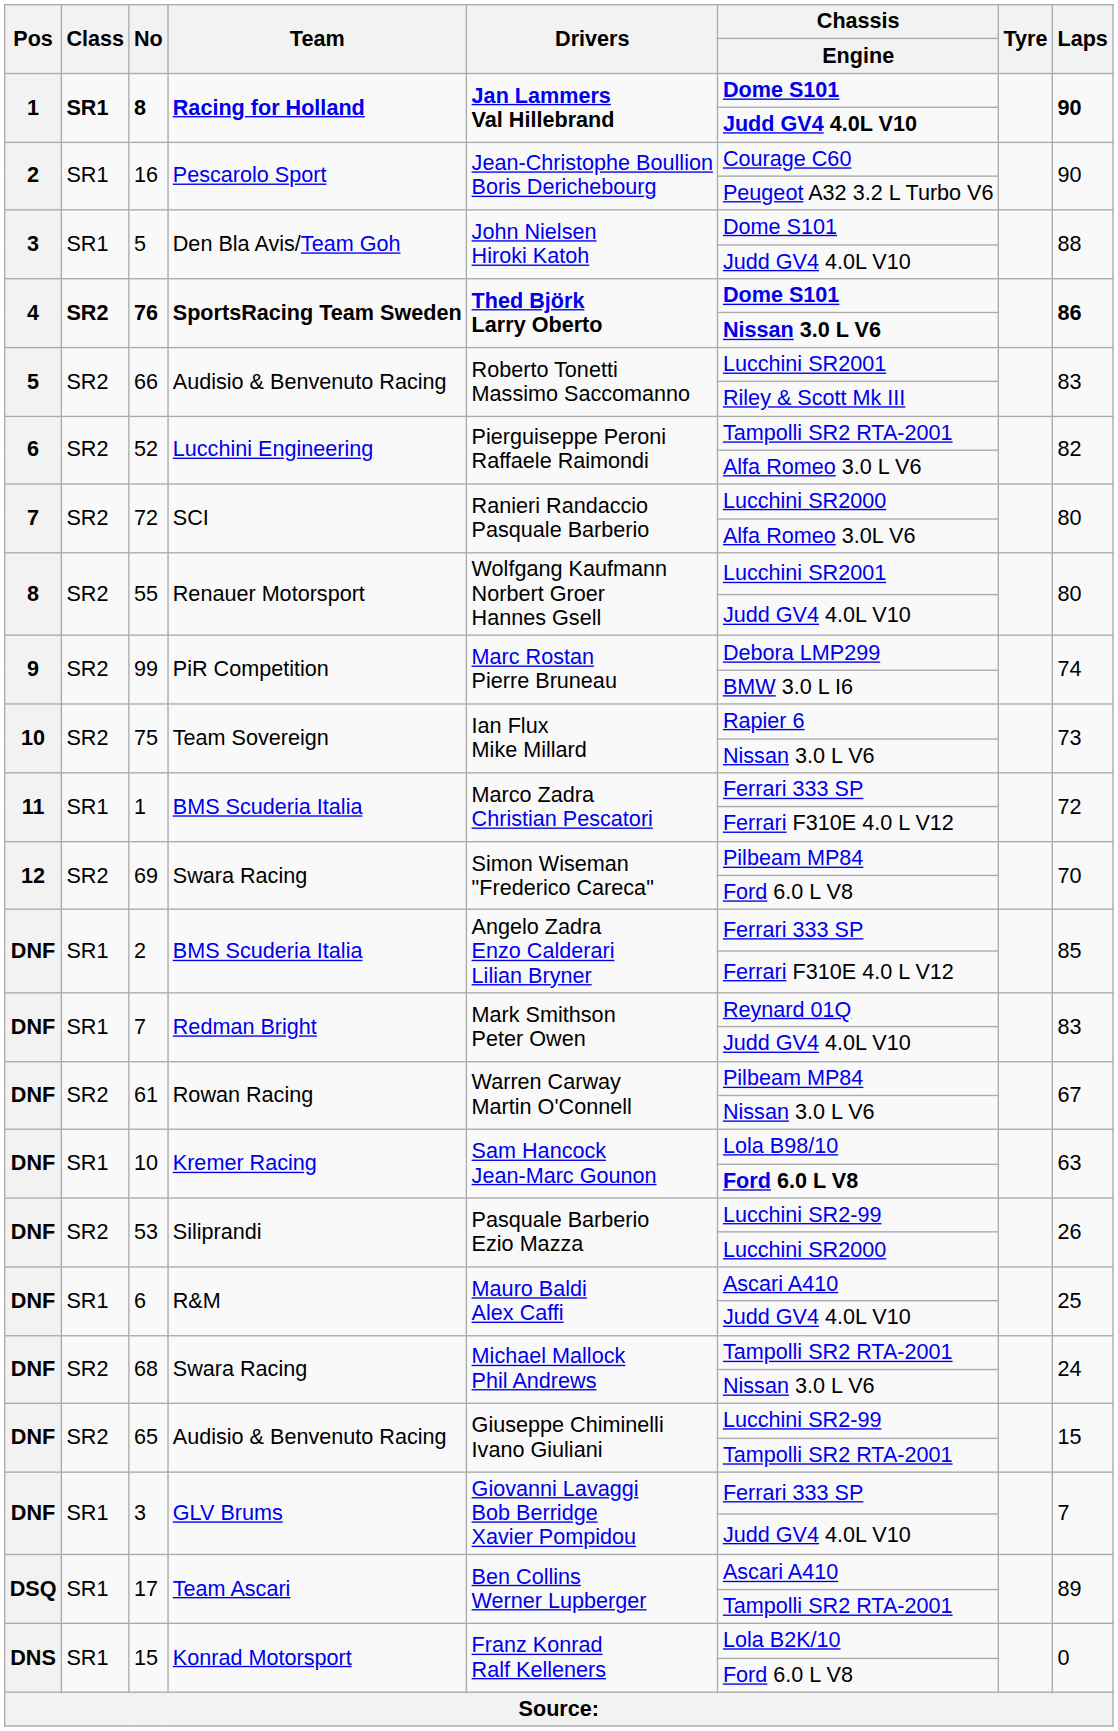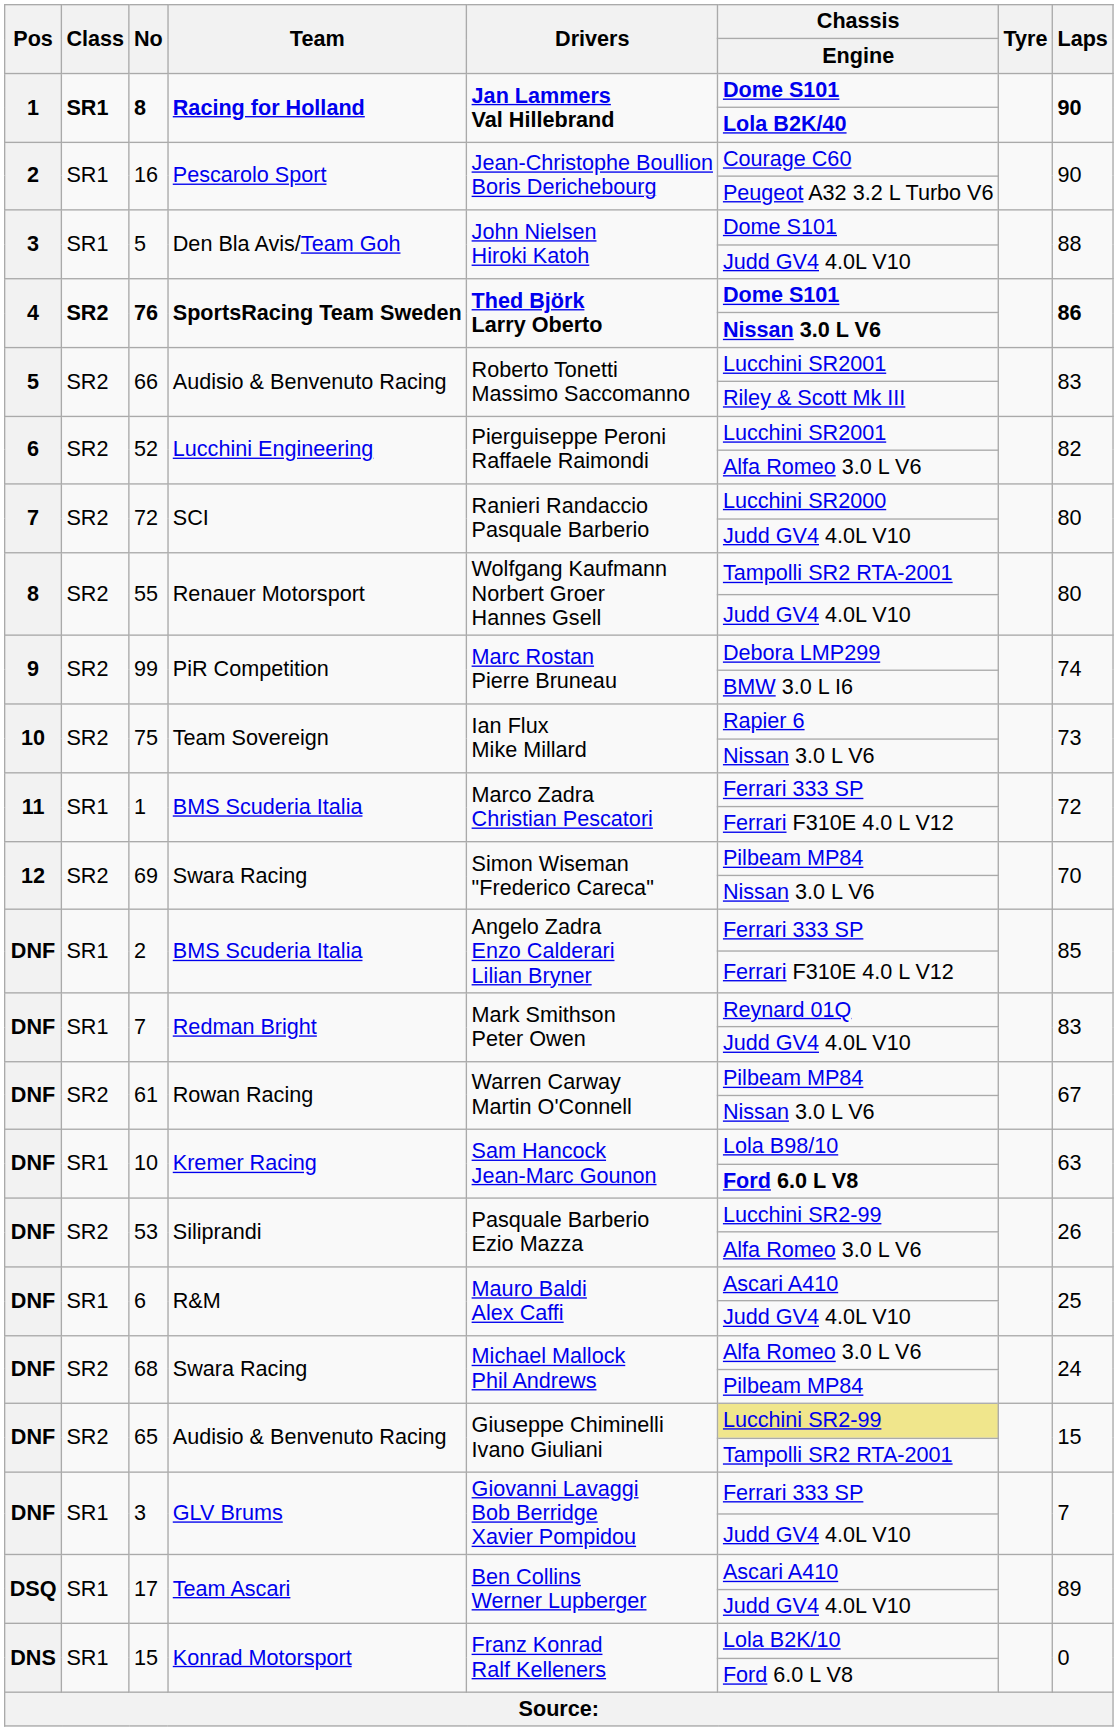 <table class="wikitable">
 <tr>
 <th rowspan="2">Pos</th>
 <th rowspan="2">Class</th>
 <th rowspan="2">No</th>
 <th rowspan="2">Team</th>
 <th rowspan="2">Drivers</th>
 <th>Chassis</th>
 <th rowspan="2">Tyre</th>
 <th rowspan="2">Laps</th>
 </tr>
 <tr>
 <th>Engine</th>
 </tr>
 <tr>
 <th rowspan="2">1</th>
 <td rowspan="2"><strong>SR1</strong></td>
 <td rowspan="2"><strong>8</strong></td>
 <td rowspan="2"><strong> <a href='#'>Racing for Holland</a></strong></td>
 <td rowspan="2"><strong> <a href='#'>Jan Lammers</a><br> Val Hillebrand</strong></td>
 <td><strong><a href='#'>Dome S101</a></strong></td>
 <td rowspan="2"></td>
 <td rowspan="2"><strong>90</strong></td>
 </tr>
 <tr>
-<td><strong><a href='#'>Judd GV4</a> 4.0L V10</strong></td>
+<td><strong><a href='#'>Lola B2K/40</a></strong></td>
 </tr>
 <tr>
 <th rowspan="2">2</th>
 <td rowspan="2">SR1</td>
 <td rowspan="2">16</td>
 <td rowspan="2"> <a href='#'>Pescarolo Sport</a></td>
 <td rowspan="2"> <a href='#'>Jean-Christophe Boullion</a><br> <a href='#'>Boris Derichebourg</a></td>
 <td><a href='#'>Courage C60</a></td>
 <td rowspan="2"></td>
 <td rowspan="2">90</td>
 </tr>
 <tr>
 <td><a href='#'>Peugeot</a> A32 3.2 L Turbo V6</td>
 </tr>
 <tr>
 <th rowspan="2">3</th>
 <td rowspan="2">SR1</td>
 <td rowspan="2">5</td>
 <td rowspan="2"> Den Bla Avis/<a href='#'>Team Goh</a></td>
 <td rowspan="2"> <a href='#'>John Nielsen</a><br> <a href='#'>Hiroki Katoh</a></td>
 <td><a href='#'>Dome S101</a></td>
 <td rowspan="2"></td>
 <td rowspan="2">88</td>
 </tr>
 <tr>
 <td><a href='#'>Judd GV4</a> 4.0L V10</td>
 </tr>
 <tr>
 <th rowspan="2">4</th>
 <td rowspan="2"><strong>SR2</strong></td>
 <td rowspan="2"><strong>76</strong></td>
 <td rowspan="2"><strong> SportsRacing Team Sweden</strong></td>
 <td rowspan="2"><strong> <a href='#'>Thed Björk</a><br> Larry Oberto</strong></td>
 <td><strong><a href='#'>Dome S101</a></strong></td>
 <td rowspan="2"></td>
 <td rowspan="2"><strong>86</strong></td>
 </tr>
 <tr>
 <td><strong><a href='#'>Nissan</a> 3.0 L V6</strong></td>
 </tr>
 <tr>
 <th rowspan="2">5</th>
 <td rowspan="2">SR2</td>
 <td rowspan="2">66</td>
 <td rowspan="2"> Audisio & Benvenuto Racing</td>
 <td rowspan="2"> Roberto Tonetti<br> Massimo Saccomanno</td>
 <td><a href='#'>Lucchini SR2001</a></td>
 <td rowspan="2"></td>
 <td rowspan="2">83</td>
 </tr>
 <tr>
 <td><a href='#'>Riley & Scott Mk III</a></td>
 </tr>
 <tr>
 <th rowspan="2">6</th>
 <td rowspan="2">SR2</td>
 <td rowspan="2">52</td>
 <td rowspan="2"> <a href='#'>Lucchini Engineering</a></td>
 <td rowspan="2"> Pierguiseppe Peroni<br> Raffaele Raimondi</td>
-<td><a href='#'>Tampolli SR2 RTA-2001</a></td>
+<td><a href='#'>Lucchini SR2001</a></td>
 <td rowspan="2"></td>
 <td rowspan="2">82</td>
 </tr>
 <tr>
 <td><a href='#'>Alfa Romeo</a> 3.0 L V6</td>
 </tr>
 <tr>
 <th rowspan="2">7</th>
 <td rowspan="2">SR2</td>
 <td rowspan="2">72</td>
 <td rowspan="2"> SCI</td>
 <td rowspan="2"> Ranieri Randaccio<br> Pasquale Barberio</td>
 <td><a href='#'>Lucchini SR2000</a></td>
 <td rowspan="2"></td>
 <td rowspan="2">80</td>
 </tr>
 <tr>
-<td><a href='#'>Alfa Romeo</a> 3.0L V6</td>
+<td><a href='#'>Judd GV4</a> 4.0L V10</td>
 </tr>
 <tr>
 <th rowspan="2">8</th>
 <td rowspan="2">SR2</td>
 <td rowspan="2">55</td>
 <td rowspan="2"> Renauer Motorsport</td>
 <td rowspan="2"> Wolfgang Kaufmann<br> Norbert Groer<br> Hannes Gsell</td>
-<td><a href='#'>Lucchini SR2001</a></td>
+<td><a href='#'>Tampolli SR2 RTA-2001</a></td>
 <td rowspan="2"></td>
 <td rowspan="2">80</td>
 </tr>
 <tr>
 <td><a href='#'>Judd GV4</a> 4.0L V10</td>
 </tr>
 <tr>
 <th rowspan="2">9</th>
 <td rowspan="2">SR2</td>
 <td rowspan="2">99</td>
 <td rowspan="2"> PiR Competition</td>
 <td rowspan="2"> <a href='#'>Marc Rostan</a><br> Pierre Bruneau</td>
 <td><a href='#'>Debora LMP299</a></td>
 <td rowspan="2"></td>
 <td rowspan="2">74</td>
 </tr>
 <tr>
 <td><a href='#'>BMW</a> 3.0 L I6</td>
 </tr>
 <tr>
 <th rowspan="2">10</th>
 <td rowspan="2">SR2</td>
 <td rowspan="2">75</td>
 <td rowspan="2"> Team Sovereign</td>
 <td rowspan="2"> Ian Flux<br> Mike Millard</td>
 <td><a href='#'>Rapier 6</a></td>
 <td rowspan="2"></td>
 <td rowspan="2">73</td>
 </tr>
 <tr>
 <td><a href='#'>Nissan</a> 3.0 L V6</td>
 </tr>
 <tr>
 <th rowspan="2">11</th>
 <td rowspan="2">SR1</td>
 <td rowspan="2">1</td>
 <td rowspan="2"> <a href='#'>BMS Scuderia Italia</a></td>
 <td rowspan="2"> Marco Zadra<br> <a href='#'>Christian Pescatori</a></td>
 <td><a href='#'>Ferrari 333 SP</a></td>
 <td rowspan="2"></td>
 <td rowspan="2">72</td>
 </tr>
 <tr>
 <td><a href='#'>Ferrari</a> F310E 4.0 L V12</td>
 </tr>
 <tr>
 <th rowspan="2">12</th>
 <td rowspan="2">SR2</td>
 <td rowspan="2">69</td>
 <td rowspan="2"> Swara Racing</td>
 <td rowspan="2"> Simon Wiseman<br> "Frederico Careca"</td>
 <td><a href='#'>Pilbeam MP84</a></td>
 <td rowspan="2"></td>
 <td rowspan="2">70</td>
 </tr>
 <tr>
-<td><a href='#'>Ford</a> 6.0 L V8</td>
+<td><a href='#'>Nissan</a> 3.0 L V6</td>
 </tr>
 <tr>
 <th rowspan="2">DNF</th>
 <td rowspan="2">SR1</td>
 <td rowspan="2">2</td>
 <td rowspan="2"> <a href='#'>BMS Scuderia Italia</a></td>
 <td rowspan="2"> Angelo Zadra<br> <a href='#'>Enzo Calderari</a><br> <a href='#'>Lilian Bryner</a></td>
 <td><a href='#'>Ferrari 333 SP</a></td>
 <td rowspan="2"></td>
 <td rowspan="2">85</td>
 </tr>
 <tr>
 <td><a href='#'>Ferrari</a> F310E 4.0 L V12</td>
 </tr>
 <tr>
 <th rowspan="2">DNF</th>
 <td rowspan="2">SR1</td>
 <td rowspan="2">7</td>
 <td rowspan="2"> <a href='#'>Redman Bright</a></td>
 <td rowspan="2"> Mark Smithson<br> Peter Owen</td>
 <td><a href='#'>Reynard 01Q</a></td>
 <td rowspan="2"></td>
 <td rowspan="2">83</td>
 </tr>
 <tr>
 <td><a href='#'>Judd GV4</a> 4.0L V10</td>
 </tr>
 <tr>
 <th rowspan="2">DNF</th>
 <td rowspan="2">SR2</td>
 <td rowspan="2">61</td>
 <td rowspan="2"> Rowan Racing</td>
 <td rowspan="2"> Warren Carway<br> Martin O'Connell</td>
 <td><a href='#'>Pilbeam MP84</a></td>
 <td rowspan="2"></td>
 <td rowspan="2">67</td>
 </tr>
 <tr>
 <td><a href='#'>Nissan</a> 3.0 L V6</td>
 </tr>
 <tr>
 <th rowspan="2">DNF</th>
 <td rowspan="2">SR1</td>
 <td rowspan="2">10</td>
 <td rowspan="2"> <a href='#'>Kremer Racing</a></td>
 <td rowspan="2"> <a href='#'>Sam Hancock</a><br> <a href='#'>Jean-Marc Gounon</a></td>
 <td><a href='#'>Lola B98/10</a></td>
 <td rowspan="2"></td>
 <td rowspan="2">63</td>
 </tr>
 <tr>
 <td><strong><a href='#'>Ford</a> 6.0 L V8</strong></td>
 </tr>
 <tr>
 <th rowspan="2">DNF</th>
 <td rowspan="2">SR2</td>
 <td rowspan="2">53</td>
 <td rowspan="2"> Siliprandi</td>
 <td rowspan="2"> Pasquale Barberio<br> Ezio Mazza</td>
 <td><a href='#'>Lucchini SR2-99</a></td>
 <td rowspan="2"></td>
 <td rowspan="2">26</td>
 </tr>
 <tr>
-<td><a href='#'>Lucchini SR2000</a></td>
+<td><a href='#'>Alfa Romeo</a> 3.0 L V6</td>
 </tr>
 <tr>
 <th rowspan="2">DNF</th>
 <td rowspan="2">SR1</td>
 <td rowspan="2">6</td>
 <td rowspan="2"> R&M</td>
 <td rowspan="2"> <a href='#'>Mauro Baldi</a><br> <a href='#'>Alex Caffi</a></td>
 <td><a href='#'>Ascari A410</a></td>
 <td rowspan="2"></td>
 <td rowspan="2">25</td>
 </tr>
 <tr>
 <td><a href='#'>Judd GV4</a> 4.0L V10</td>
 </tr>
 <tr>
 <th rowspan="2">DNF</th>
 <td rowspan="2">SR2</td>
 <td rowspan="2">68</td>
 <td rowspan="2"> Swara Racing</td>
 <td rowspan="2"> <a href='#'>Michael Mallock</a><br> <a href='#'>Phil Andrews</a></td>
-<td><a href='#'>Tampolli SR2 RTA-2001</a></td>
+<td><a href='#'>Alfa Romeo</a> 3.0 L V6</td>
 <td rowspan="2"></td>
 <td rowspan="2">24</td>
 </tr>
 <tr>
-<td><a href='#'>Nissan</a> 3.0 L V6</td>
+<td><a href='#'>Pilbeam MP84</a></td>
 </tr>
 <tr>
 <th rowspan="2">DNF</th>
 <td rowspan="2">SR2</td>
 <td rowspan="2">65</td>
 <td rowspan="2"> Audisio & Benvenuto Racing</td>
 <td rowspan="2"> Giuseppe Chiminelli<br> Ivano Giuliani</td>
-<td><a href='#'>Lucchini SR2-99</a></td>
+<td style="background: khaki;"><a href='#'>Lucchini SR2-99</a></td>
 <td rowspan="2"></td>
 <td rowspan="2">15</td>
 </tr>
 <tr>
 <td><a href='#'>Tampolli SR2 RTA-2001</a></td>
 </tr>
 <tr>
 <th rowspan="2">DNF</th>
 <td rowspan="2">SR1</td>
 <td rowspan="2">3</td>
 <td rowspan="2"> <a href='#'>GLV Brums</a></td>
 <td rowspan="2"> <a href='#'>Giovanni Lavaggi</a><br> <a href='#'>Bob Berridge</a><br> <a href='#'>Xavier Pompidou</a></td>
 <td><a href='#'>Ferrari 333 SP</a></td>
 <td rowspan="2"></td>
 <td rowspan="2">7</td>
 </tr>
 <tr>
 <td><a href='#'>Judd GV4</a> 4.0L V10</td>
 </tr>
 <tr>
 <th rowspan="2">DSQ</th>
 <td rowspan="2">SR1</td>
 <td rowspan="2">17</td>
 <td rowspan="2"> <a href='#'>Team Ascari</a></td>
 <td rowspan="2"> <a href='#'>Ben Collins</a><br> <a href='#'>Werner Lupberger</a></td>
 <td><a href='#'>Ascari A410</a></td>
 <td rowspan="2"></td>
 <td rowspan="2">89</td>
 </tr>
 <tr>
-<td><a href='#'>Tampolli SR2 RTA-2001</a></td>
+<td><a href='#'>Judd GV4</a> 4.0L V10</td>
 </tr>
 <tr>
 <th rowspan="2">DNS</th>
 <td rowspan="2">SR1</td>
 <td rowspan="2">15</td>
 <td rowspan="2"> <a href='#'>Konrad Motorsport</a></td>
 <td rowspan="2"> <a href='#'>Franz Konrad</a><br> <a href='#'>Ralf Kelleners</a></td>
 <td><a href='#'>Lola B2K/10</a></td>
 <td rowspan="2"></td>
 <td rowspan="2">0</td>
 </tr>
 <tr>
 <td><a href='#'>Ford</a> 6.0 L V8</td>
 </tr>
 <tr>
 <th colspan="8">Source:</th>
 </tr>
 </table>
